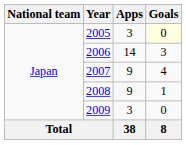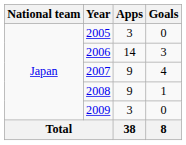 <table class="wikitable" style="text-align:center">
 <tr>
 <th>National team</th>
 <th>Year</th>
 <th>Apps</th>
 <th>Goals</th>
 </tr>
 <tr>
 <td rowspan="5"><a href='#'>Japan</a></td>
 <td><a href='#'>2005</a></td>
 <td>3</td>
-<td style="background: lightyellow;">0</td>
+<td>0</td>
 </tr>
 <tr>
 <td><a href='#'>2006</a></td>
 <td>14</td>
 <td>3</td>
 </tr>
 <tr>
 <td><a href='#'>2007</a></td>
 <td>9</td>
 <td>4</td>
 </tr>
 <tr>
 <td><a href='#'>2008</a></td>
 <td>9</td>
 <td>1</td>
 </tr>
 <tr>
 <td><a href='#'>2009</a></td>
 <td>3</td>
 <td>0</td>
 </tr>
 <tr>
 <th colspan="2">Total</th>
 <th>38</th>
 <th>8</th>
 </tr>
 </table>
